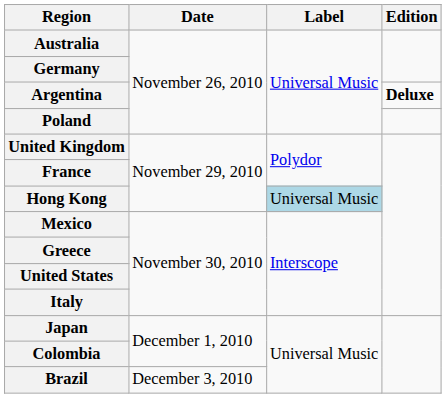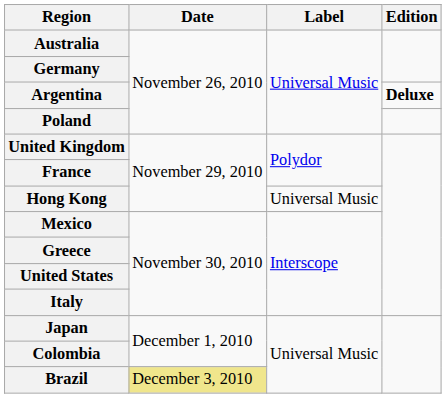 <table class="wikitable plainrowheaders">
 <tr>
 <th scope="col">Region</th>
 <th scope="col">Date</th>
 <th scope="col">Label</th>
 <th scope="col">Edition</th>
 </tr>
 <tr>
 <th scope="row">Australia</th>
 <td rowspan="4">November 26, 2010</td>
 <td rowspan="4"><a href='#'>Universal Music</a></td>
 <td rowspan="2"></td>
 </tr>
 <tr>
 <th scope="row">Germany</th>
 </tr>
 <tr>
 <th scope="row">Argentina</th>
 <td><strong>Deluxe</strong></td>
 </tr>
 <tr>
 <th scope="row">Poland</th>
 <td></td>
 </tr>
 <tr>
 <th scope="row">United Kingdom</th>
 <td rowspan="3">November 29, 2010</td>
 <td rowspan="2"><a href='#'>Polydor</a></td>
 <td rowspan="7"></td>
 </tr>
 <tr>
 <th scope="row">France</th>
 </tr>
 <tr>
 <th scope="row">Hong Kong</th>
-<td style="background: lightblue;">Universal Music</td>
+<td>Universal Music</td>
 </tr>
 <tr>
 <th scope="row">Mexico</th>
 <td rowspan="4">November 30, 2010</td>
 <td rowspan="4"><a href='#'>Interscope</a></td>
 </tr>
 <tr>
 <th scope="row">Greece</th>
 </tr>
 <tr>
 <th scope="row">United States</th>
 </tr>
 <tr>
 <th scope="row">Italy</th>
 </tr>
 <tr>
 <th scope="row">Japan</th>
 <td rowspan="2">December 1, 2010</td>
 <td rowspan="3">Universal Music</td>
 <td rowspan="3"></td>
 </tr>
 <tr>
 <th scope="row">Colombia</th>
 </tr>
 <tr>
 <th scope="row">Brazil</th>
-<td>December 3, 2010</td>
+<td style="background: khaki;">December 3, 2010</td>
 </tr>
 </table>
